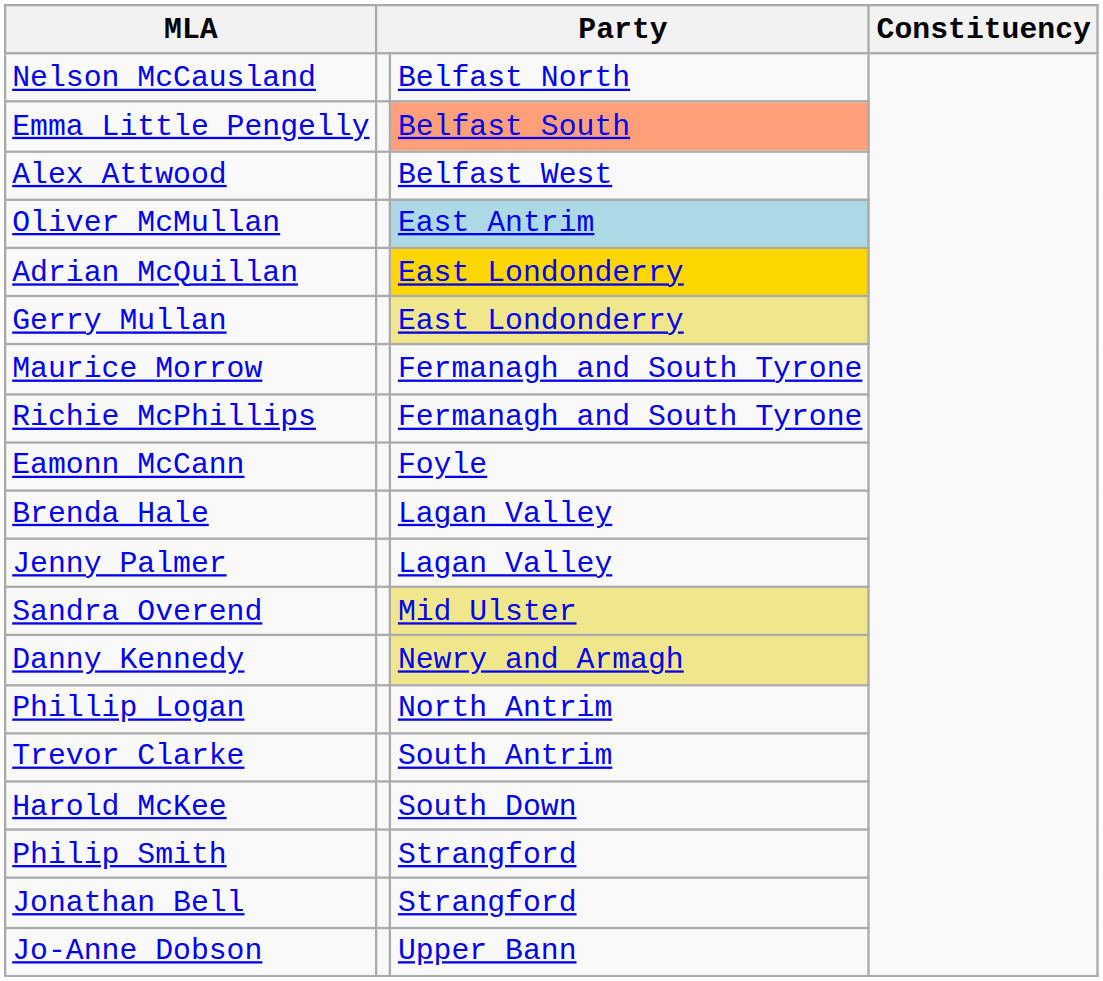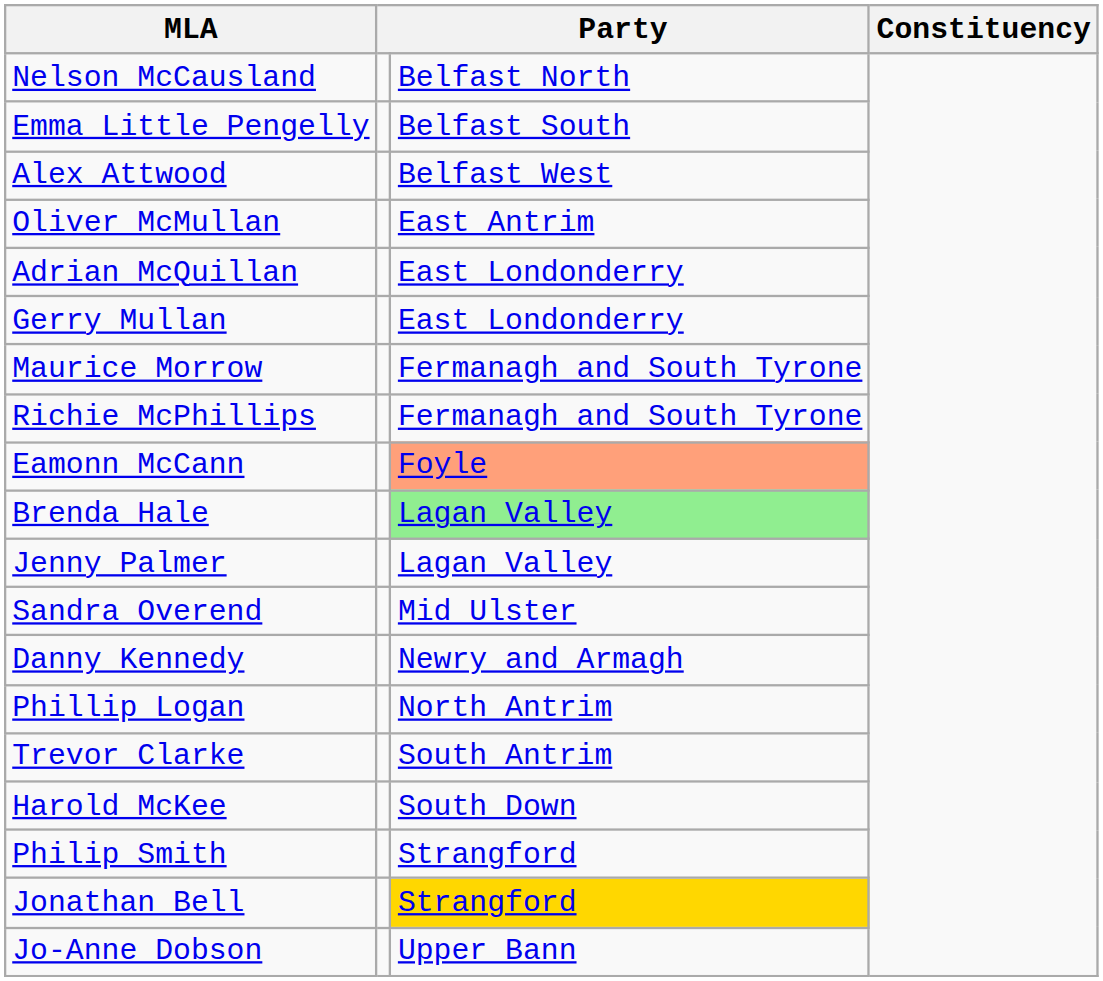 <table class="wikitable sortable">
 <tr>
 <th>MLA</th>
 <th colspan=2>Party</th>
 <th>Constituency</th>
 </tr>
 <tr>
 <td><a href='#'>Nelson McCausland</a></td>
 <td></td>
 <td><a href='#'>Belfast North</a></td>
 </tr>
 <tr>
 <td><a href='#'>Emma Little Pengelly</a></td>
 <td></td>
-<td style="background: lightsalmon;"><a href='#'>Belfast South</a></td>
+<td><a href='#'>Belfast South</a></td>
 </tr>
 <tr>
 <td><a href='#'>Alex Attwood</a></td>
 <td></td>
 <td><a href='#'>Belfast West</a></td>
 </tr>
 <tr>
 <td><a href='#'>Oliver McMullan</a></td>
 <td></td>
-<td style="background: lightblue;"><a href='#'>East Antrim</a></td>
+<td><a href='#'>East Antrim</a></td>
 </tr>
 <tr>
 <td><a href='#'>Adrian McQuillan</a></td>
 <td></td>
-<td style="background: gold;"><a href='#'>East Londonderry</a></td>
+<td><a href='#'>East Londonderry</a></td>
 </tr>
 <tr>
 <td><a href='#'>Gerry Mullan</a></td>
 <td></td>
-<td style="background: khaki;"><a href='#'>East Londonderry</a></td>
+<td><a href='#'>East Londonderry</a></td>
 </tr>
 <tr>
 <td><a href='#'>Maurice Morrow</a></td>
 <td></td>
 <td><a href='#'>Fermanagh and South Tyrone</a></td>
 </tr>
 <tr>
 <td><a href='#'>Richie McPhillips</a></td>
 <td></td>
 <td><a href='#'>Fermanagh and South Tyrone</a></td>
 </tr>
 <tr>
 <td><a href='#'>Eamonn McCann</a></td>
 <td></td>
-<td><a href='#'>Foyle</a></td>
+<td style="background: lightsalmon;"><a href='#'>Foyle</a></td>
 </tr>
 <tr>
 <td><a href='#'>Brenda Hale</a></td>
 <td></td>
-<td><a href='#'>Lagan Valley</a></td>
+<td style="background: lightgreen;"><a href='#'>Lagan Valley</a></td>
 </tr>
 <tr>
 <td><a href='#'>Jenny Palmer</a></td>
 <td></td>
 <td><a href='#'>Lagan Valley</a></td>
 </tr>
 <tr>
 <td><a href='#'>Sandra Overend</a></td>
 <td></td>
-<td style="background: khaki;"><a href='#'>Mid Ulster</a></td>
+<td><a href='#'>Mid Ulster</a></td>
 </tr>
 <tr>
 <td><a href='#'>Danny Kennedy</a></td>
 <td></td>
-<td style="background: khaki;"><a href='#'>Newry and Armagh</a></td>
+<td><a href='#'>Newry and Armagh</a></td>
 </tr>
 <tr>
 <td><a href='#'>Phillip Logan</a></td>
 <td></td>
 <td><a href='#'>North Antrim</a></td>
 </tr>
 <tr>
 <td><a href='#'>Trevor Clarke</a></td>
 <td></td>
 <td><a href='#'>South Antrim</a></td>
 </tr>
 <tr>
 <td><a href='#'>Harold McKee</a></td>
 <td></td>
 <td><a href='#'>South Down</a></td>
 </tr>
 <tr>
 <td><a href='#'>Philip Smith</a></td>
 <td></td>
 <td><a href='#'>Strangford</a></td>
 </tr>
 <tr>
 <td><a href='#'>Jonathan Bell</a></td>
 <td></td>
-<td><a href='#'>Strangford</a></td>
+<td style="background: gold;"><a href='#'>Strangford</a></td>
 </tr>
 <tr>
 <td><a href='#'>Jo-Anne Dobson</a></td>
 <td></td>
 <td><a href='#'>Upper Bann</a></td>
 </tr>
 </table>
